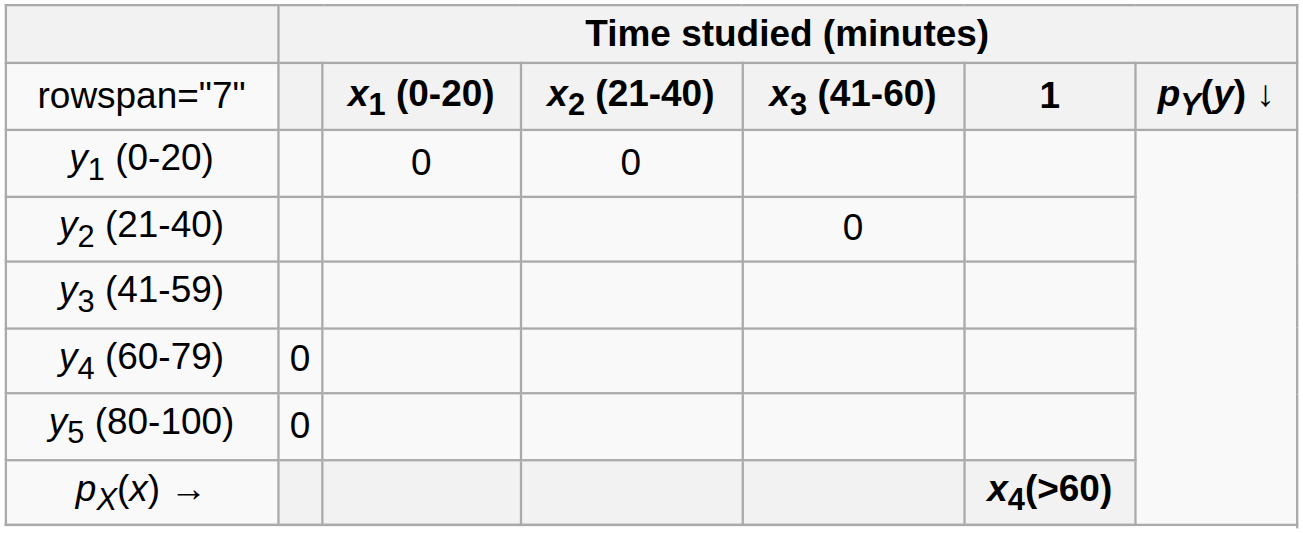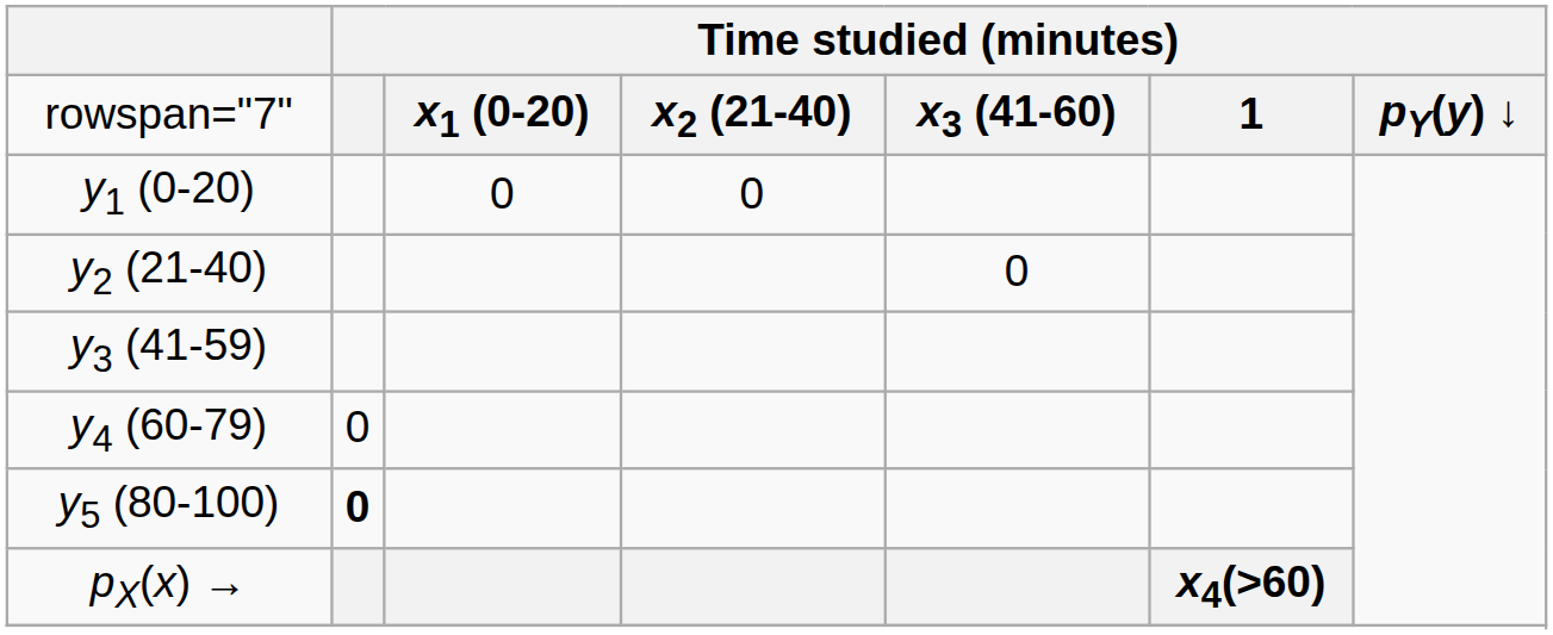 <table class="wikitable" style="text-align: center; width:560px; margin: 1em auto;">
 <tr>
 <th></th>
 <th colspan="6">Time studied (minutes)</th>
 </tr>
 <tr>
 <td>rowspan="7" </td>
 <th></th>
 <th scope="col"><em>x</em><sub>1</sub> (0-20)</th>
 <th scope="col"><em>x</em><sub>2</sub> (21-40)</th>
 <th><em>x</em><sub>3</sub> (41-60)</th>
 <th align="center">1</th>
 <th><em>p</em><sub><em>Y</em></sub>(<em>y</em>) ↓</th>
 </tr>
 <tr>
 <td><em>y</em><sub>1</sub> (0-20)</td>
 <td></td>
 <td>0</td>
 <td>0</td>
 <td></td>
 <td></td>
 </tr>
 <tr>
 <td><em>y</em><sub>2</sub> (21-40)</td>
 <td></td>
 <td></td>
 <td></td>
 <td>0</td>
 <td></td>
 </tr>
 <tr>
 <td><em>y</em><sub>3</sub> (41-59)</td>
 <td></td>
 <td></td>
 <td></td>
 <td></td>
 <td></td>
 </tr>
 <tr>
 <td><em>y</em><sub>4</sub> (60-79)</td>
 <td>0</td>
 <td></td>
 <td></td>
 <td></td>
 <td></td>
 </tr>
 <tr>
 <td><em>y</em><sub>5</sub> (80-100)</td>
-<td align="center">0</td>
+<td align="center"><strong>0</strong></td>
 <td align="center"></td>
 <td align="center"></td>
 <td align="center"></td>
 <td></td>
 </tr>
 <tr>
 <td><em>p<sub>X</sub></em>(<em>x</em>) →</td>
 <th align="center"></th>
 <th align="center"></th>
 <th align="center"></th>
 <th align="center"></th>
 <th><em>x</em><sub>4</sub>(>60)</th>
 </tr>
 <tr>
 </tr>
 </table>
